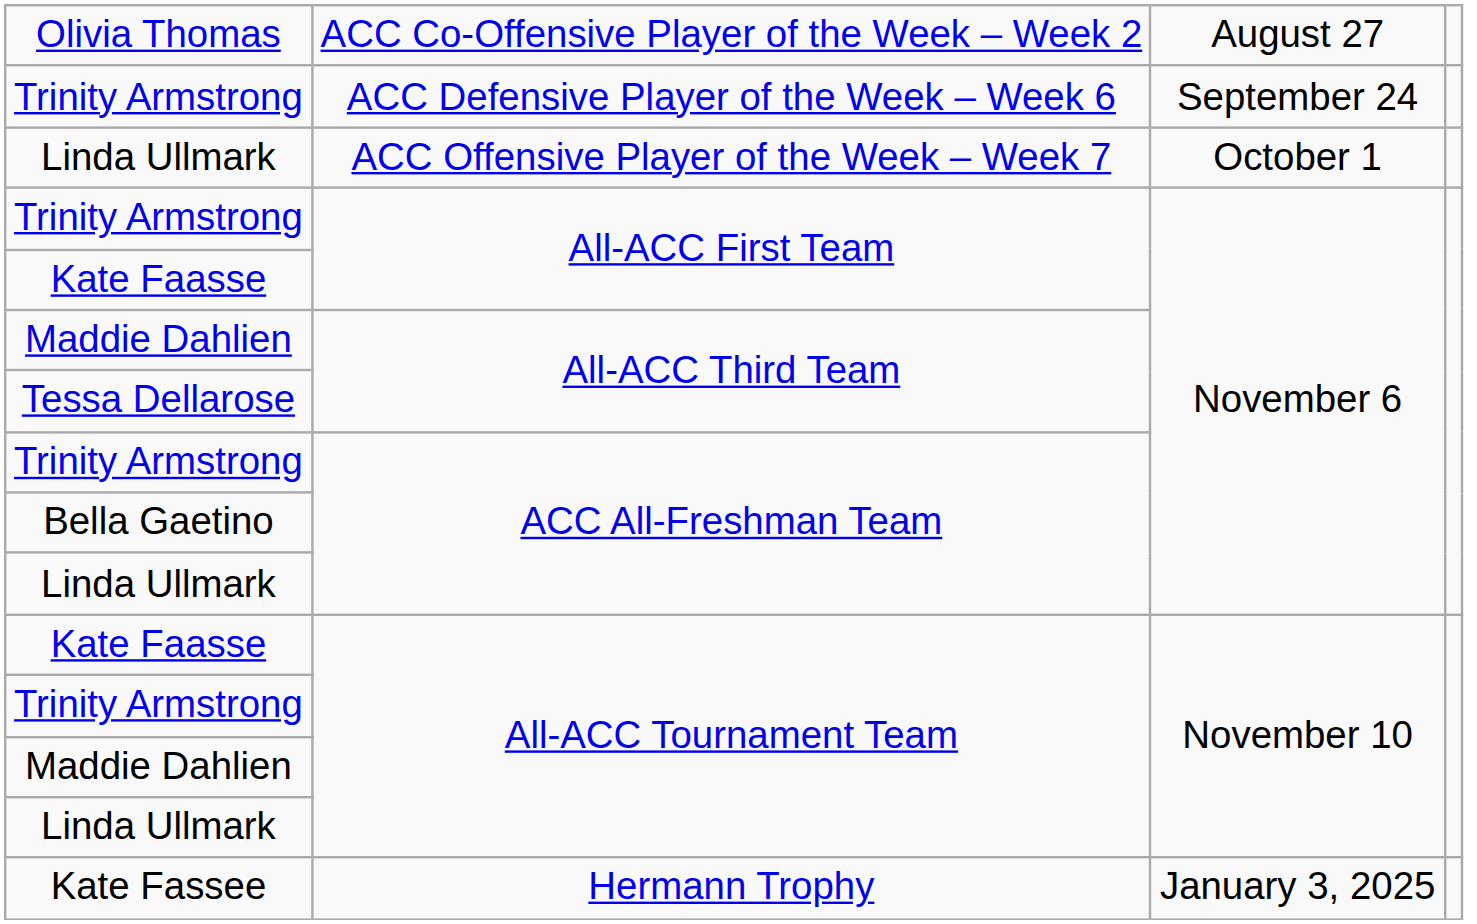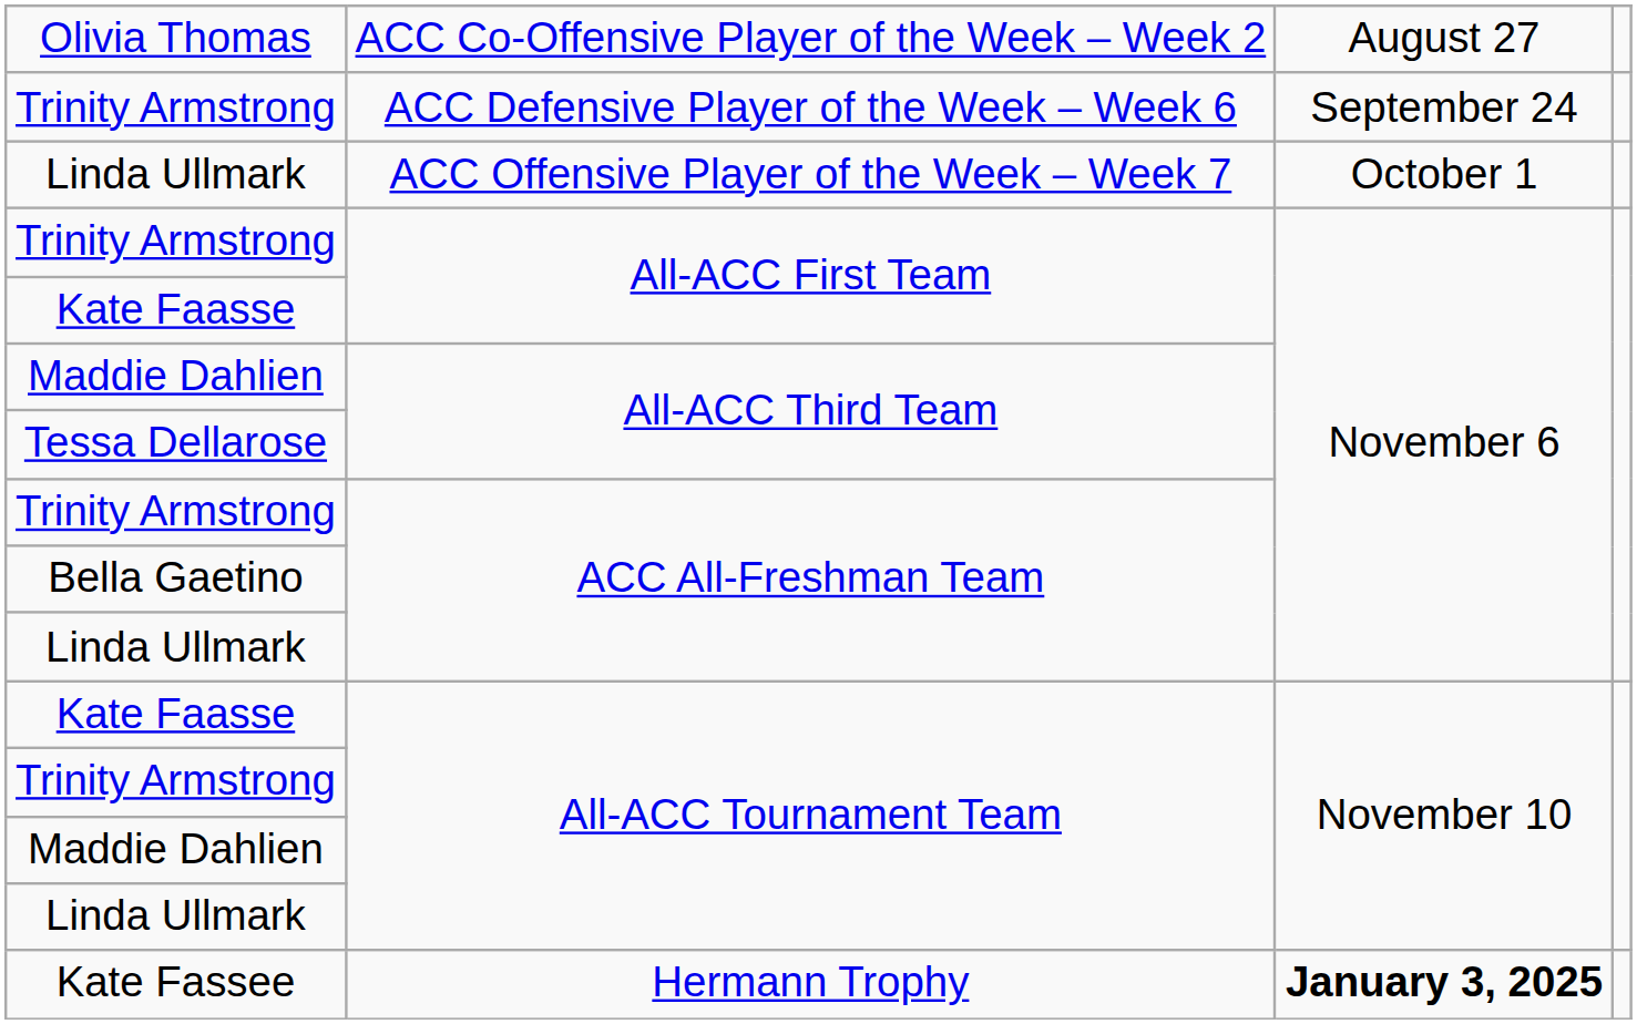 <table class="wikitable sortable" style="text-align: center">
 <tr>
 <td><a href='#'>Olivia Thomas</a></td>
 <td><a href='#'>ACC Co-Offensive Player of the Week – Week 2</a></td>
 <td>August 27</td>
 <td></td>
 </tr>
 <tr>
 <td><a href='#'>Trinity Armstrong</a></td>
 <td><a href='#'>ACC Defensive Player of the Week – Week 6</a></td>
 <td>September 24</td>
 <td></td>
 </tr>
 <tr>
 <td>Linda Ullmark</td>
 <td><a href='#'>ACC Offensive Player of the Week – Week 7</a></td>
 <td>October 1</td>
 <td></td>
 </tr>
 <tr>
 <td><a href='#'>Trinity Armstrong</a></td>
 <td rowspan=2><a href='#'>All-ACC First Team</a></td>
 <td rowspan=7>November 6</td>
 <td rowspan=7></td>
 </tr>
 <tr>
 <td><a href='#'>Kate Faasse</a></td>
 </tr>
 <tr>
 <td><a href='#'>Maddie Dahlien</a></td>
 <td rowspan=2><a href='#'>All-ACC Third Team</a></td>
 </tr>
 <tr>
 <td><a href='#'>Tessa Dellarose</a></td>
 </tr>
 <tr>
 <td><a href='#'>Trinity Armstrong</a></td>
 <td rowspan=3><a href='#'>ACC All-Freshman Team</a></td>
 </tr>
 <tr>
 <td>Bella Gaetino</td>
 </tr>
 <tr>
 <td>Linda Ullmark</td>
 </tr>
 <tr>
 <td><a href='#'>Kate Faasse</a></td>
 <td rowspan=4><a href='#'>All-ACC Tournament Team</a></td>
 <td rowspan=4>November 10</td>
 <td rowspan=4></td>
 </tr>
 <tr>
 <td><a href='#'>Trinity Armstrong</a></td>
 </tr>
 <tr>
 <td>Maddie Dahlien</td>
 </tr>
 <tr>
 <td>Linda Ullmark</td>
 </tr>
 <tr>
 <td>Kate Fassee</td>
 <td><a href='#'>Hermann Trophy</a></td>
-<td>January 3, 2025</td>
+<td><strong>January 3, 2025</strong></td>
 <td></td>
 </tr>
 </table>
